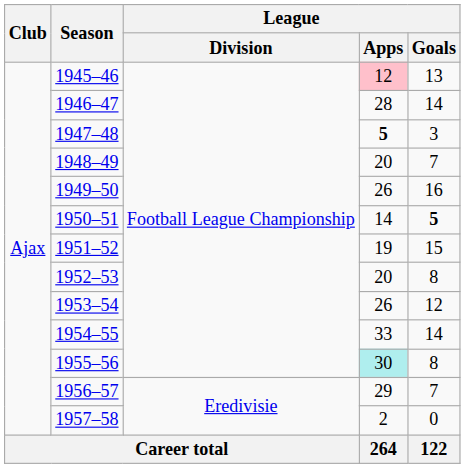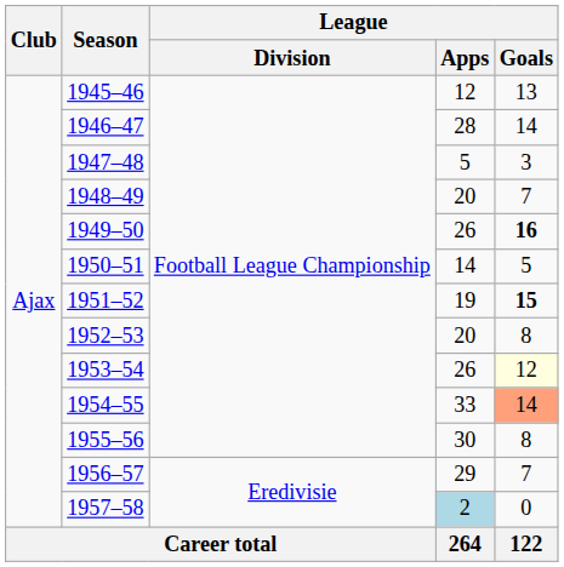 <table class="wikitable" style="text-align:center">
 <tr>
 <th rowspan="2">Club</th>
 <th rowspan="2">Season</th>
 <th colspan="3">League</th>
 </tr>
 <tr>
 <th>Division</th>
 <th>Apps</th>
 <th>Goals</th>
 </tr>
 <tr>
 <td rowspan="13"><a href='#'>Ajax</a></td>
 <td><a href='#'>1945–46</a></td>
 <td rowspan="11"><a href='#'>Football League Championship</a></td>
-<td style="background: pink;">12</td>
+<td>12</td>
 <td>13</td>
 </tr>
 <tr>
 <td><a href='#'>1946–47</a></td>
 <td>28</td>
 <td>14</td>
 </tr>
 <tr>
 <td><a href='#'>1947–48</a></td>
-<td><strong>5</strong></td>
+<td>5</td>
 <td>3</td>
 </tr>
 <tr>
 <td><a href='#'>1948–49</a></td>
 <td>20</td>
 <td>7</td>
 </tr>
 <tr>
 <td><a href='#'>1949–50</a></td>
 <td>26</td>
-<td>16</td>
+<td><strong>16</strong></td>
 </tr>
 <tr>
 <td><a href='#'>1950–51</a></td>
 <td>14</td>
-<td><strong>5</strong></td>
+<td>5</td>
 </tr>
 <tr>
 <td><a href='#'>1951–52</a></td>
 <td>19</td>
-<td>15</td>
+<td><strong>15</strong></td>
 </tr>
 <tr>
 <td><a href='#'>1952–53</a></td>
 <td>20</td>
 <td>8</td>
 </tr>
 <tr>
 <td><a href='#'>1953–54</a></td>
 <td>26</td>
-<td>12</td>
+<td style="background: lightyellow;">12</td>
 </tr>
 <tr>
 <td><a href='#'>1954–55</a></td>
 <td>33</td>
-<td>14</td>
+<td style="background: lightsalmon;">14</td>
 </tr>
 <tr>
 <td><a href='#'>1955–56</a></td>
-<td style="background: paleturquoise;">30</td>
+<td>30</td>
 <td>8</td>
 </tr>
 <tr>
 <td><a href='#'>1956–57</a></td>
 <td rowspan="2"><a href='#'>Eredivisie</a></td>
 <td>29</td>
 <td>7</td>
 </tr>
 <tr>
 <td><a href='#'>1957–58</a></td>
-<td>2</td>
+<td style="background: lightblue;">2</td>
 <td>0</td>
 </tr>
 <tr>
 <th colspan=3>Career total</th>
 <th>264</th>
 <th>122</th>
 </tr>
 </table>
